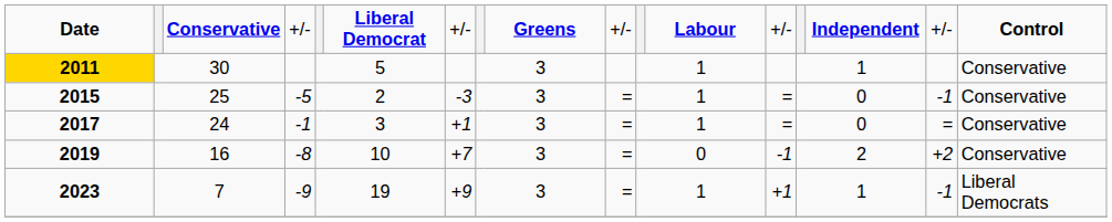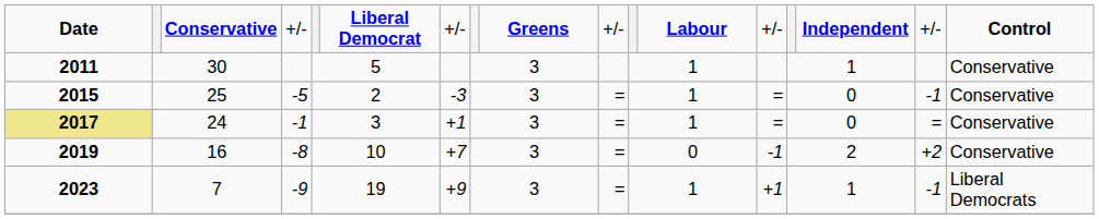 <table class="wikitable" border="1" style="text-align:left; padding-left:1em;">
 <tr>
 <td width=125 align="center"><strong>Date</strong></td>
 <th style="background-color: "></th>
 <td width=100 align="center"><strong><a href='#'>Conservative</a></strong></td>
 <td width=20 align="center">+/-</td>
 <th style="background-color: "></th>
 <td width=100 align="center"><strong><a href='#'>Liberal Democrat</a></strong></td>
 <td width=20 align="center">+/-</td>
 <th style="background-color: "></th>
 <td width=100 align="center"><strong><a href='#'>Greens</a></strong></td>
 <td width=20 align="center">+/-</td>
 <th style="background-color: "></th>
 <td width=100 align="center"><strong><a href='#'>Labour</a></strong></td>
 <td width=20 align="center">+/-</td>
 <th style="background-color: "></th>
 <td width=100 align="center"><strong><a href='#'>Independent</a></strong></td>
 <td width=20 align="center">+/-</td>
 <td width=125 align="center"><strong>Control</strong></td>
 </tr>
 <tr>
-<td align="center" style="background: gold;"><strong>2011</strong></td>
+<td align="center"><strong>2011</strong></td>
 <td colspan="2" align="center">30</td>
 <td align="right"></td>
 <td colspan="2" align="center">5</td>
 <td align="right"></td>
 <td colspan="2" align="center">3</td>
 <td align="right"></td>
 <td colspan="2" align="center">1</td>
 <td align="right"></td>
 <td colspan="2" align="center">1</td>
 <td align="right"></td>
 <td bgcolor=>Conservative</td>
 </tr>
 <tr>
 <td align="center"><strong>2015</strong></td>
 <td colspan="2" align="center">25</td>
 <td align="right"><em>-5</em></td>
 <td colspan="2" align="center">2</td>
 <td align="right"><em>-3</em></td>
 <td colspan="2" align="center">3</td>
 <td align="right"><em>=</em></td>
 <td colspan="2" align="center">1</td>
 <td align="right"><em>=</em></td>
 <td colspan="2" align="center">0</td>
 <td align="right"><em>-1</em></td>
 <td bgcolor=>Conservative</td>
 </tr>
 <tr>
-<td align="center"><strong>2017</strong></td>
+<td align="center" style="background: khaki;"><strong>2017</strong></td>
 <td colspan="2" align="center">24</td>
 <td align="right"><em>-1</em></td>
 <td colspan="2" align="center">3</td>
 <td align="right"><em>+1</em></td>
 <td colspan="2" align="center">3</td>
 <td align="right"><em>=</em></td>
 <td colspan="2" align="center">1</td>
 <td align="right"><em>=</em></td>
 <td colspan="2" align="center">0</td>
 <td align="right"><em>=</em></td>
 <td bgcolor=>Conservative</td>
 </tr>
 <tr>
 <td align="center"><strong>2019</strong></td>
 <td colspan="2" align="center">16</td>
 <td align="right"><em>-8</em></td>
 <td colspan="2" align="center">10</td>
 <td align="right"><em>+7</em></td>
 <td colspan="2" align="center">3</td>
 <td align="right"><em>=</em></td>
 <td colspan="2" align="center">0</td>
 <td align="right"><em>-1</em></td>
 <td colspan="2" align="center">2</td>
 <td align="right"><em>+2</em></td>
 <td bgcolor=>Conservative</td>
 </tr>
 <tr>
 <td align="center"><strong>2023</strong></td>
 <td colspan="2" align="center">7</td>
 <td align="right"><em>-9</em></td>
 <td colspan="2" align="center">19</td>
 <td align="right"><em>+9</em></td>
 <td colspan="2" align="center">3</td>
 <td align="right"><em>=</em></td>
 <td colspan="2" align="center">1</td>
 <td align="right"><em>+1</em></td>
 <td colspan="2" align="center">1</td>
 <td align="right"><em>-1</em></td>
 <td bgcolor=>Liberal Democrats</td>
 </tr>
 <tr>
 </tr>
 </table>
